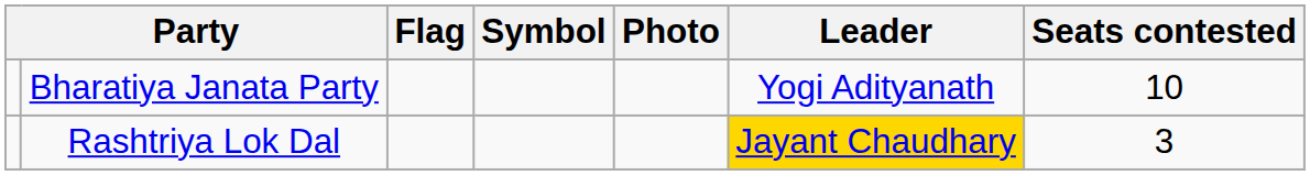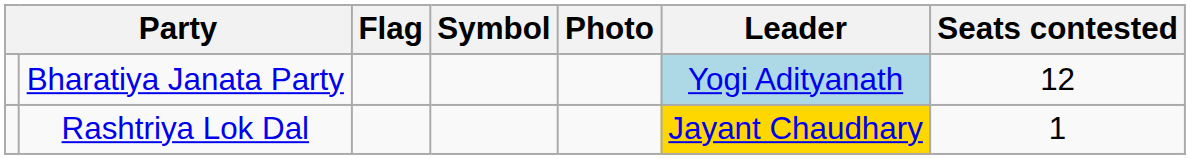 <table class="wikitable" style="text-align:center;">
 <tr>
 <th colspan="2">Party</th>
 <th>Flag</th>
 <th>Symbol</th>
 <th>Photo</th>
 <th>Leader</th>
 <th>Seats contested</th>
 </tr>
 <tr>
 <td></td>
 <td><a href='#'>Bharatiya Janata Party</a></td>
 <td></td>
 <td></td>
 <td></td>
-<td><a href='#'>Yogi Adityanath</a></td>
-<td>10</td>
+<td style="background: lightblue;"><a href='#'>Yogi Adityanath</a></td>
+<td>12</td>
 </tr>
 <tr>
 <td></td>
 <td><a href='#'>Rashtriya Lok Dal</a></td>
 <td></td>
 <td></td>
 <td></td>
 <td style="background: gold;"><a href='#'>Jayant Chaudhary</a></td>
-<td>3</td>
+<td>1</td>
 </tr>
 </table>
